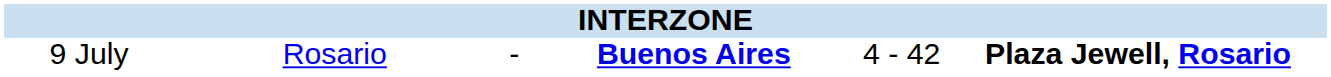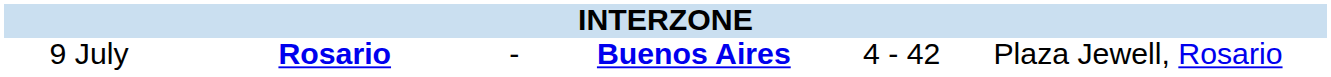 <table border=0 cellspacing=0 cellpadding=0 style="border-collapse: collapse;" width=700>
 <tr bgcolor="#CADFF0">
 <td style="font-size:100%"; align="center" colspan="6"><strong>INTERZONE</strong></td>
 </tr>
 <tr align=center bgcolor=#FFFFFF>
 <td width=90>9 July</td>
-<td width=170><a href='#'>Rosario</a></td>
+<td width=170><strong><a href='#'>Rosario</a></strong></td>
 <td width=20>-</td>
 <td width=170><strong><a href='#'>Buenos Aires</a></strong></td>
 <td width=50>4 - 42</td>
-<td width=200><strong>Plaza Jewell, <a href='#'>Rosario</a></strong></td>
+<td width=200>Plaza Jewell, <a href='#'>Rosario</a></td>
 </tr>
 </table>
